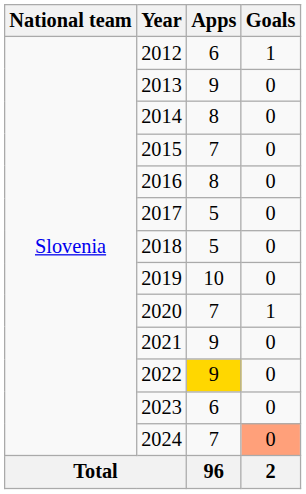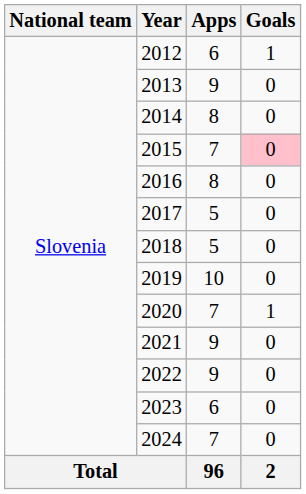 <table class="wikitable" style="text-align:center">
 <tr>
 <th>National team</th>
 <th>Year</th>
 <th>Apps</th>
 <th>Goals</th>
 </tr>
 <tr>
 <td rowspan="13"><a href='#'>Slovenia</a></td>
 <td>2012</td>
 <td>6</td>
 <td>1</td>
 </tr>
 <tr>
 <td>2013</td>
 <td>9</td>
 <td>0</td>
 </tr>
 <tr>
 <td>2014</td>
 <td>8</td>
 <td>0</td>
 </tr>
 <tr>
 <td>2015</td>
 <td>7</td>
-<td>0</td>
+<td style="background: pink;">0</td>
 </tr>
 <tr>
 <td>2016</td>
 <td>8</td>
 <td>0</td>
 </tr>
 <tr>
 <td>2017</td>
 <td>5</td>
 <td>0</td>
 </tr>
 <tr>
 <td>2018</td>
 <td>5</td>
 <td>0</td>
 </tr>
 <tr>
 <td>2019</td>
 <td>10</td>
 <td>0</td>
 </tr>
 <tr>
 <td>2020</td>
 <td>7</td>
 <td>1</td>
 </tr>
 <tr>
 <td>2021</td>
 <td>9</td>
 <td>0</td>
 </tr>
 <tr>
 <td>2022</td>
-<td style="background: gold;">9</td>
+<td>9</td>
 <td>0</td>
 </tr>
 <tr>
 <td>2023</td>
 <td>6</td>
 <td>0</td>
 </tr>
 <tr>
 <td>2024</td>
 <td>7</td>
-<td style="background: lightsalmon;">0</td>
+<td>0</td>
 </tr>
 <tr>
 <th colspan="2">Total</th>
 <th>96</th>
 <th>2</th>
 </tr>
 </table>
